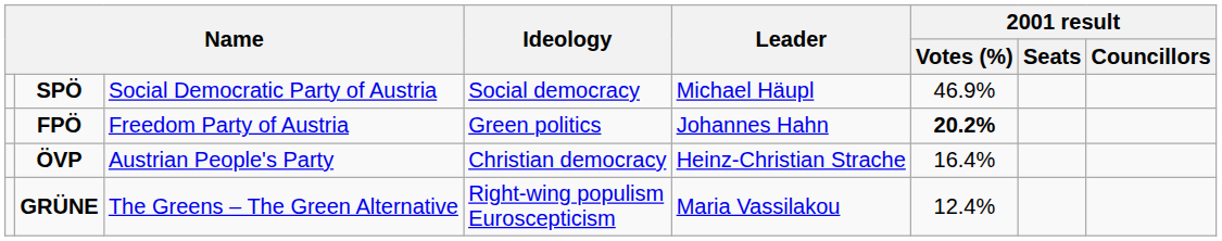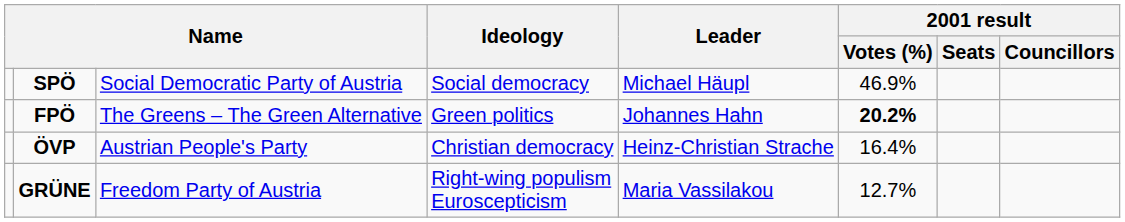 <table class="wikitable">
 <tr>
 <th rowspan="2" colspan="3">Name</th>
 <th rowspan="2">Ideology</th>
 <th rowspan="2">Leader</th>
 <th colspan="3">2001 result</th>
 </tr>
 <tr>
 <th>Votes (%)</th>
 <th>Seats</th>
 <th>Councillors</th>
 </tr>
 <tr>
 <td style="background:"></td>
 <td style="text-align:center;"><strong>SPÖ</strong></td>
 <td><a href='#'>Social Democratic Party of Austria</a><br></td>
 <td><a href='#'>Social democracy</a></td>
 <td><a href='#'>Michael Häupl</a></td>
 <td style="text-align:center;">46.9%</td>
 <td></td>
 <td></td>
 </tr>
 <tr>
 <td style="background:"></td>
 <td style="text-align:center;"><strong>FPÖ</strong></td>
-<td><a href='#'>Freedom Party of Austria</a><br></td>
+<td><a href='#'>The Greens – The Green Alternative</a><br></td>
 <td><a href='#'>Green politics</a></td>
 <td><a href='#'>Johannes Hahn</a></td>
 <td style="text-align:center;"><strong>20.2%</strong></td>
 <td></td>
 <td></td>
 </tr>
 <tr>
 <td style="background:"></td>
 <td style="text-align:center;"><strong>ÖVP</strong></td>
 <td><a href='#'>Austrian People's Party</a><br></td>
 <td><a href='#'>Christian democracy</a></td>
 <td><a href='#'>Heinz-Christian Strache</a></td>
 <td style="text-align:center;">16.4%</td>
 <td></td>
 <td></td>
 </tr>
 <tr>
 <td style="background:"></td>
 <td style="text-align:center;"><strong>GRÜNE</strong></td>
-<td><a href='#'>The Greens – The Green Alternative</a><br></td>
+<td><a href='#'>Freedom Party of Austria</a><br></td>
 <td><a href='#'>Right-wing populism</a><br><a href='#'>Euroscepticism</a></td>
 <td><a href='#'>Maria Vassilakou</a></td>
-<td style="text-align:center;">12.4%</td>
+<td style="text-align:center;">12.7%</td>
 <td></td>
 <td></td>
 </tr>
 </table>
